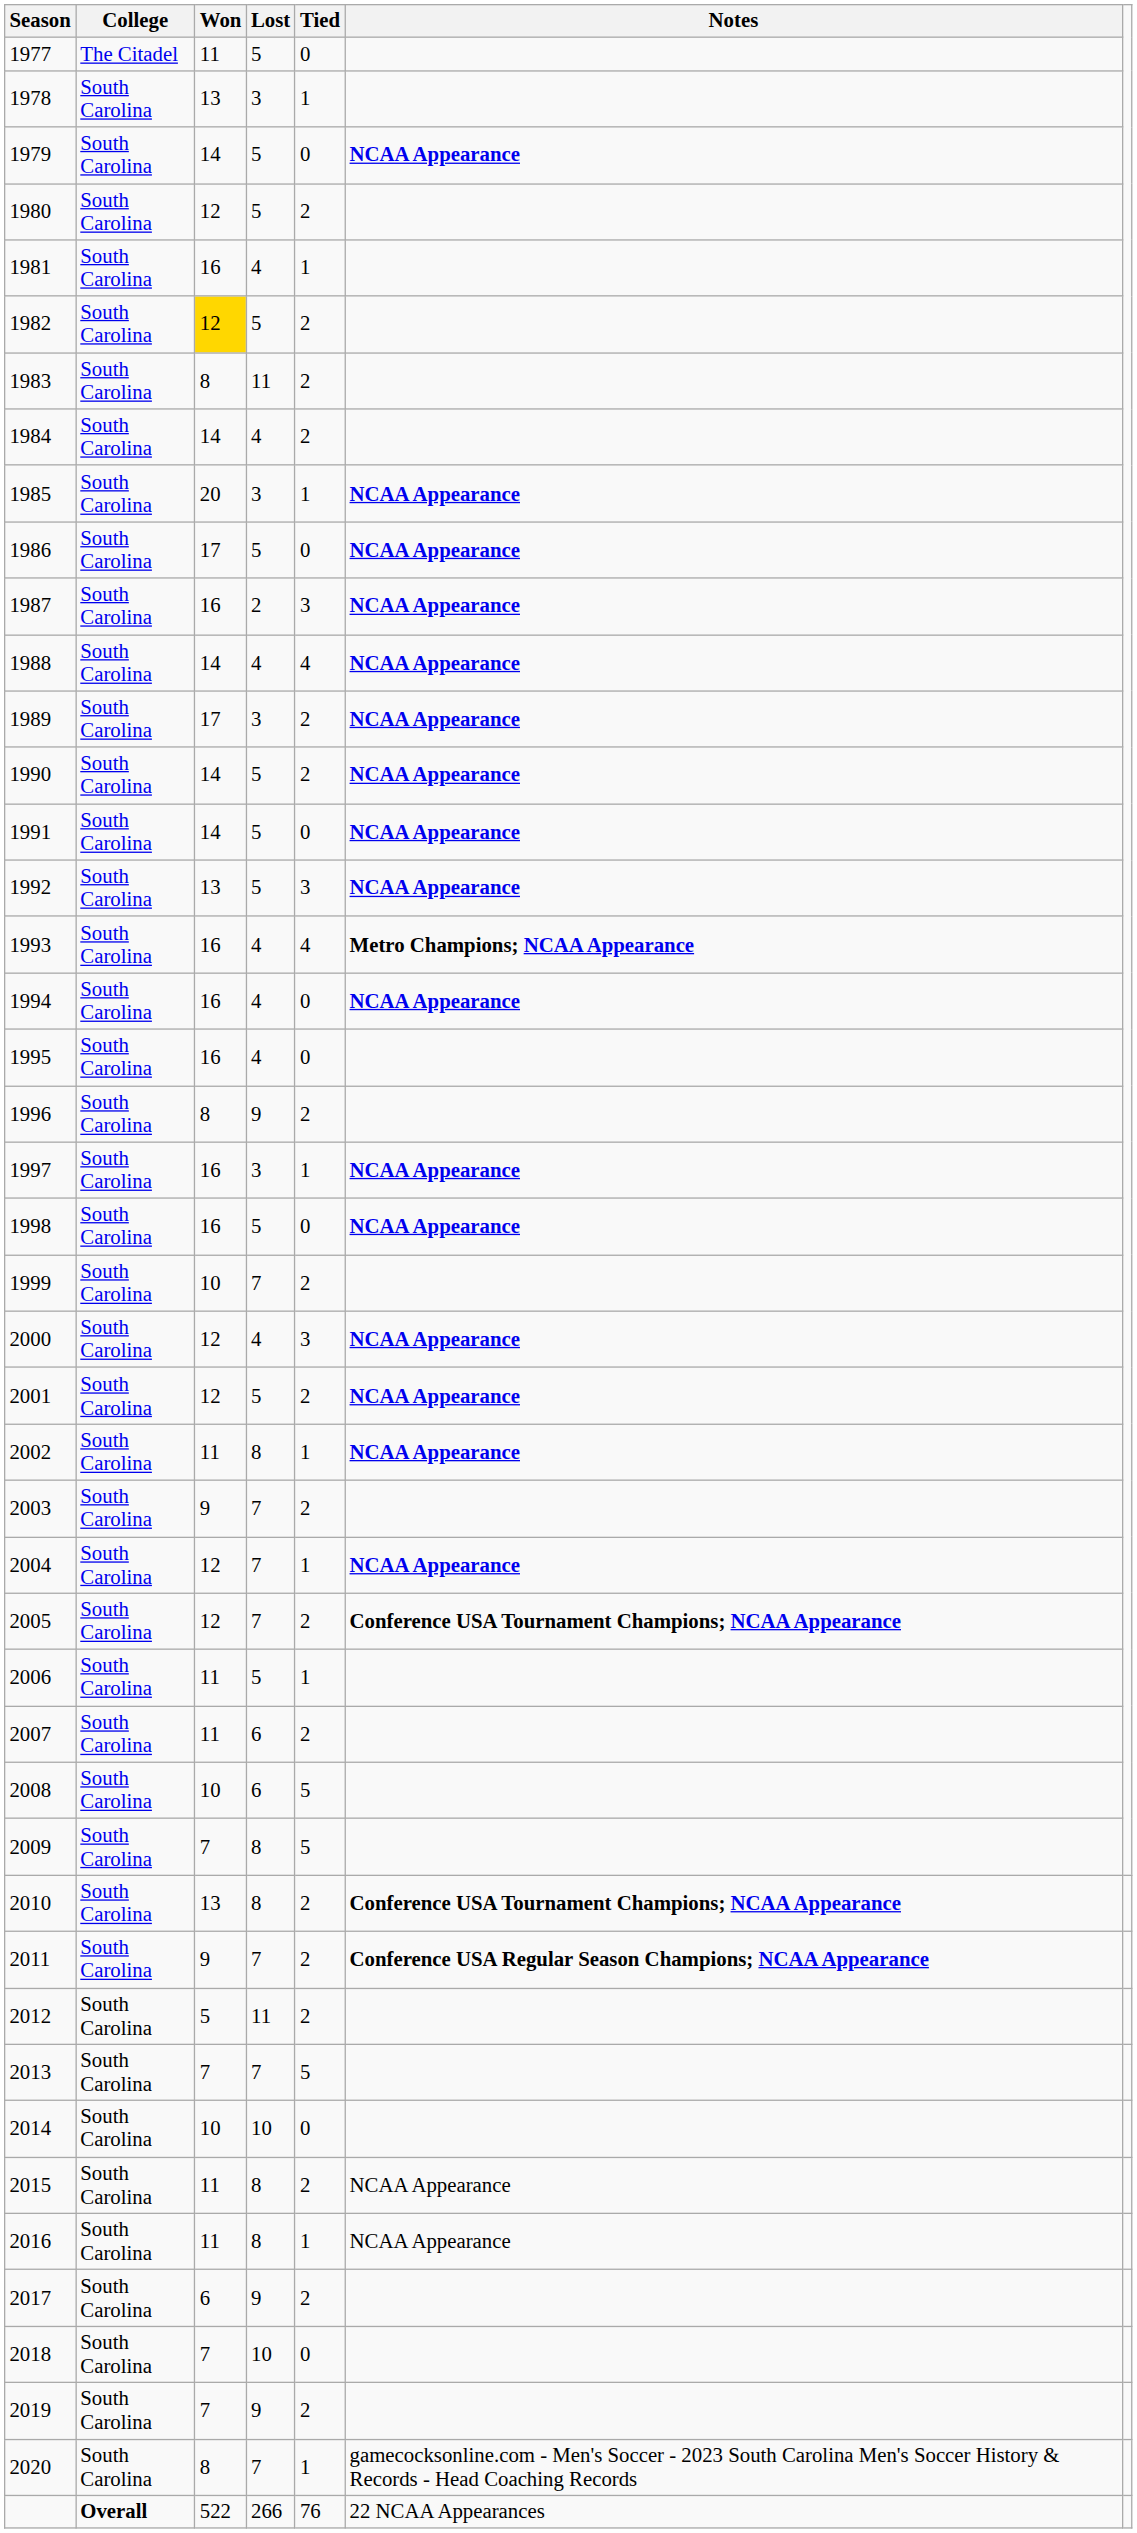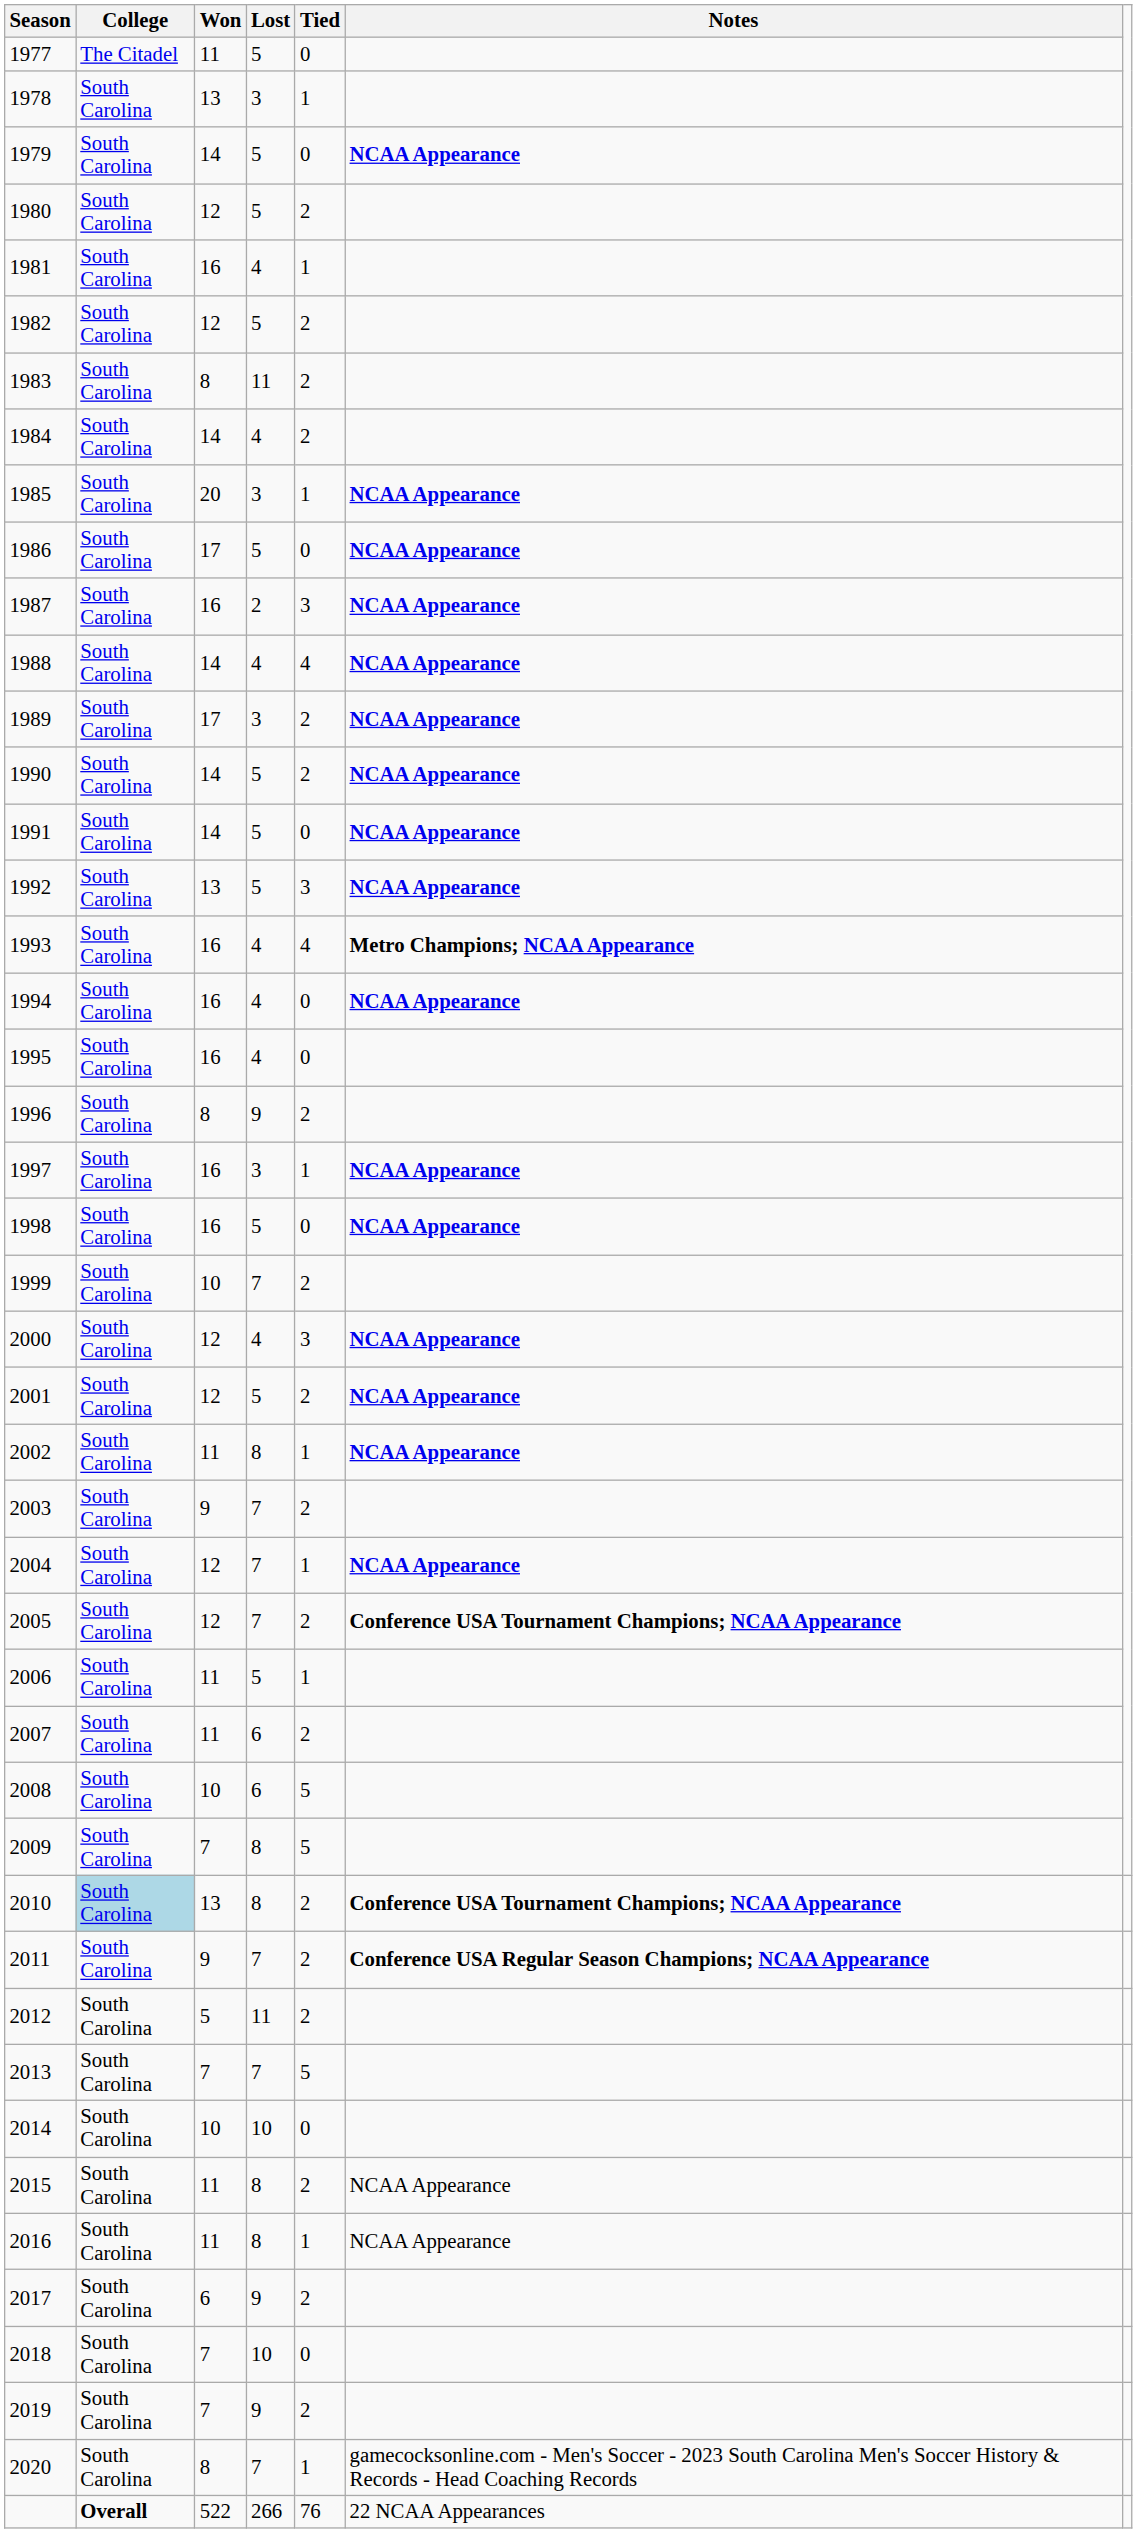 <table class="wikitable sortable">
 <tr>
 <th>Season</th>
 <th>College</th>
 <th>Won</th>
 <th>Lost</th>
 <th>Tied</th>
 <th class="unsortable">Notes</th>
 </tr>
 <tr>
 <td>1977</td>
 <td><a href='#'>The Citadel</a></td>
 <td>11</td>
 <td>5</td>
 <td>0</td>
 <td></td>
 </tr>
 <tr>
 <td>1978</td>
 <td><a href='#'>South Carolina</a></td>
 <td>13</td>
 <td>3</td>
 <td>1</td>
 <td></td>
 </tr>
 <tr>
 <td>1979</td>
 <td><a href='#'>South Carolina</a></td>
 <td>14</td>
 <td>5</td>
 <td>0</td>
 <td><strong><a href='#'>NCAA Appearance</a></strong></td>
 </tr>
 <tr>
 <td>1980</td>
 <td><a href='#'>South Carolina</a></td>
 <td>12</td>
 <td>5</td>
 <td>2</td>
 <td></td>
 </tr>
 <tr>
 <td>1981</td>
 <td><a href='#'>South Carolina</a></td>
 <td>16</td>
 <td>4</td>
 <td>1</td>
 <td></td>
 </tr>
 <tr>
 <td>1982</td>
 <td><a href='#'>South Carolina</a></td>
-<td style="background: gold;">12</td>
+<td>12</td>
 <td>5</td>
 <td>2</td>
 <td></td>
 </tr>
 <tr>
 <td>1983</td>
 <td><a href='#'>South Carolina</a></td>
 <td>8</td>
 <td>11</td>
 <td>2</td>
 <td></td>
 </tr>
 <tr>
 <td>1984</td>
 <td><a href='#'>South Carolina</a></td>
 <td>14</td>
 <td>4</td>
 <td>2</td>
 <td></td>
 </tr>
 <tr>
 <td>1985</td>
 <td><a href='#'>South Carolina</a></td>
 <td>20</td>
 <td>3</td>
 <td>1</td>
 <td><strong><a href='#'>NCAA Appearance</a></strong></td>
 </tr>
 <tr>
 <td>1986</td>
 <td><a href='#'>South Carolina</a></td>
 <td>17</td>
 <td>5</td>
 <td>0</td>
 <td><strong><a href='#'>NCAA Appearance</a></strong></td>
 </tr>
 <tr>
 <td>1987</td>
 <td><a href='#'>South Carolina</a></td>
 <td>16</td>
 <td>2</td>
 <td>3</td>
 <td><strong><a href='#'>NCAA Appearance</a></strong></td>
 </tr>
 <tr>
 <td>1988</td>
 <td><a href='#'>South Carolina</a></td>
 <td>14</td>
 <td>4</td>
 <td>4</td>
 <td><strong><a href='#'>NCAA Appearance</a></strong></td>
 </tr>
 <tr>
 <td>1989</td>
 <td><a href='#'>South Carolina</a></td>
 <td>17</td>
 <td>3</td>
 <td>2</td>
 <td><strong><a href='#'>NCAA Appearance</a></strong></td>
 </tr>
 <tr>
 <td>1990</td>
 <td><a href='#'>South Carolina</a></td>
 <td>14</td>
 <td>5</td>
 <td>2</td>
 <td><strong><a href='#'>NCAA Appearance</a></strong></td>
 </tr>
 <tr>
 <td>1991</td>
 <td><a href='#'>South Carolina</a></td>
 <td>14</td>
 <td>5</td>
 <td>0</td>
 <td><strong><a href='#'>NCAA Appearance</a></strong></td>
 </tr>
 <tr>
 <td>1992</td>
 <td><a href='#'>South Carolina</a></td>
 <td>13</td>
 <td>5</td>
 <td>3</td>
 <td><strong><a href='#'>NCAA Appearance</a></strong></td>
 </tr>
 <tr>
 <td>1993</td>
 <td><a href='#'>South Carolina</a></td>
 <td>16</td>
 <td>4</td>
 <td>4</td>
 <td><strong>Metro Champions; <a href='#'>NCAA Appearance</a></strong></td>
 </tr>
 <tr>
 <td>1994</td>
 <td><a href='#'>South Carolina</a></td>
 <td>16</td>
 <td>4</td>
 <td>0</td>
 <td><strong><a href='#'>NCAA Appearance</a></strong></td>
 </tr>
 <tr>
 <td>1995</td>
 <td><a href='#'>South Carolina</a></td>
 <td>16</td>
 <td>4</td>
 <td>0</td>
 <td></td>
 </tr>
 <tr>
 <td>1996</td>
 <td><a href='#'>South Carolina</a></td>
 <td>8</td>
 <td>9</td>
 <td>2</td>
 <td></td>
 </tr>
 <tr>
 <td>1997</td>
 <td><a href='#'>South Carolina</a></td>
 <td>16</td>
 <td>3</td>
 <td>1</td>
 <td><strong><a href='#'>NCAA Appearance</a></strong></td>
 </tr>
 <tr>
 <td>1998</td>
 <td><a href='#'>South Carolina</a></td>
 <td>16</td>
 <td>5</td>
 <td>0</td>
 <td><strong><a href='#'>NCAA Appearance</a></strong></td>
 </tr>
 <tr>
 <td>1999</td>
 <td><a href='#'>South Carolina</a></td>
 <td>10</td>
 <td>7</td>
 <td>2</td>
 <td></td>
 </tr>
 <tr>
 <td>2000</td>
 <td><a href='#'>South Carolina</a></td>
 <td>12</td>
 <td>4</td>
 <td>3</td>
 <td><strong><a href='#'>NCAA Appearance</a></strong></td>
 </tr>
 <tr>
 <td>2001</td>
 <td><a href='#'>South Carolina</a></td>
 <td>12</td>
 <td>5</td>
 <td>2</td>
 <td><strong><a href='#'>NCAA Appearance</a></strong></td>
 </tr>
 <tr>
 <td>2002</td>
 <td><a href='#'>South Carolina</a></td>
 <td>11</td>
 <td>8</td>
 <td>1</td>
 <td><strong><a href='#'>NCAA Appearance</a></strong></td>
 </tr>
 <tr>
 <td>2003</td>
 <td><a href='#'>South Carolina</a></td>
 <td>9</td>
 <td>7</td>
 <td>2</td>
 <td></td>
 </tr>
 <tr>
 <td>2004</td>
 <td><a href='#'>South Carolina</a></td>
 <td>12</td>
 <td>7</td>
 <td>1</td>
 <td><strong><a href='#'>NCAA Appearance</a></strong></td>
 </tr>
 <tr>
 <td>2005</td>
 <td><a href='#'>South Carolina</a></td>
 <td>12</td>
 <td>7</td>
 <td>2</td>
 <td><strong>Conference USA Tournament Champions; <a href='#'>NCAA Appearance</a></strong></td>
 </tr>
 <tr>
 <td>2006</td>
 <td><a href='#'>South Carolina</a></td>
 <td>11</td>
 <td>5</td>
 <td>1</td>
 <td></td>
 </tr>
 <tr>
 <td>2007</td>
 <td><a href='#'>South Carolina</a></td>
 <td>11</td>
 <td>6</td>
 <td>2</td>
 <td></td>
 </tr>
 <tr>
 <td>2008</td>
 <td><a href='#'>South Carolina</a></td>
 <td>10</td>
 <td>6</td>
 <td>5</td>
 <td></td>
 </tr>
 <tr>
 <td>2009</td>
 <td><a href='#'>South Carolina</a></td>
 <td>7</td>
 <td>8</td>
 <td>5</td>
 <td></td>
 </tr>
 <tr>
 <td>2010</td>
-<td><a href='#'>South Carolina</a></td>
+<td style="background: lightblue;"><a href='#'>South Carolina</a></td>
 <td>13</td>
 <td>8</td>
 <td>2</td>
 <td><strong>Conference USA Tournament Champions; <a href='#'>NCAA Appearance</a></strong></td>
 <td></td>
 </tr>
 <tr>
 <td>2011</td>
 <td><a href='#'>South Carolina</a></td>
 <td>9</td>
 <td>7</td>
 <td>2</td>
 <td><strong>Conference USA Regular Season Champions; <a href='#'>NCAA Appearance</a></strong></td>
 <td></td>
 </tr>
 <tr>
 <td>2012</td>
 <td>South Carolina</td>
 <td>5</td>
 <td>11</td>
 <td>2</td>
 <td></td>
 <td></td>
 </tr>
 <tr>
 <td>2013</td>
 <td>South Carolina</td>
 <td>7</td>
 <td>7</td>
 <td>5</td>
 <td></td>
 <td></td>
 </tr>
 <tr>
 <td>2014</td>
 <td>South Carolina</td>
 <td>10</td>
 <td>10</td>
 <td>0</td>
 <td></td>
 <td></td>
 </tr>
 <tr>
 <td>2015</td>
 <td>South Carolina</td>
 <td>11</td>
 <td>8</td>
 <td>2</td>
 <td>NCAA Appearance</td>
 <td></td>
 </tr>
 <tr>
 <td>2016</td>
 <td>South Carolina</td>
 <td>11</td>
 <td>8</td>
 <td>1</td>
 <td>NCAA Appearance</td>
 <td></td>
 </tr>
 <tr>
 <td>2017</td>
 <td>South Carolina</td>
 <td>6</td>
 <td>9</td>
 <td>2</td>
 <td></td>
 <td></td>
 </tr>
 <tr>
 <td>2018</td>
 <td>South Carolina</td>
 <td>7</td>
 <td>10</td>
 <td>0</td>
 <td></td>
 <td></td>
 </tr>
 <tr>
 <td>2019</td>
 <td>South Carolina</td>
 <td>7</td>
 <td>9</td>
 <td>2</td>
 <td></td>
 <td></td>
 </tr>
 <tr>
 <td>2020</td>
 <td>South Carolina</td>
 <td>8</td>
 <td>7</td>
 <td>1</td>
 <td>gamecocksonline.com - Men's Soccer - 2023 South Carolina Men's Soccer History & Records - Head Coaching Records</td>
 <td></td>
 </tr>
 <tr class="sortbottom">
 <td></td>
 <td><strong>Overall</strong></td>
 <td>522</td>
 <td>266</td>
 <td>76</td>
 <td>22 NCAA Appearances</td>
 </tr>
 </table>
